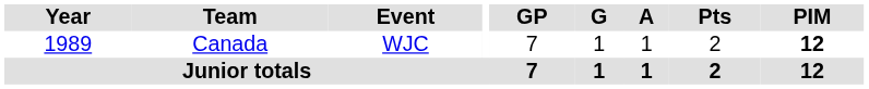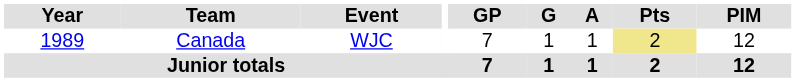 <table border="0" cellpadding="1" cellspacing="0" ID="Table3" style="text-align:center; width:40em">
 <tr bgcolor="#e0e0e0">
 <th>Year</th>
 <th>Team</th>
 <th>Event</th>
 <th rowspan="102" bgcolor="#ffffff"></th>
 <th>GP</th>
 <th>G</th>
 <th>A</th>
 <th>Pts</th>
 <th>PIM</th>
 </tr>
 <tr>
 <td><a href='#'>1989</a></td>
 <td><a href='#'>Canada</a></td>
 <td><a href='#'>WJC</a></td>
 <td>7</td>
 <td>1</td>
 <td>1</td>
-<td>2</td>
-<td><strong>12</strong></td>
+<td style="background: khaki;">2</td>
+<td>12</td>
 </tr>
 <tr bgcolor="#e0e0e0">
 <th colspan="4">Junior totals</th>
 <th>7</th>
 <th>1</th>
 <th>1</th>
 <th>2</th>
 <th>12</th>
 </tr>
 </table>
